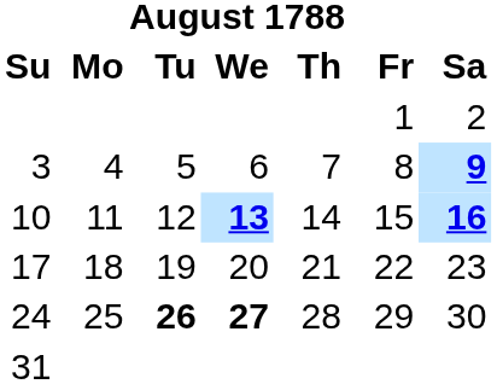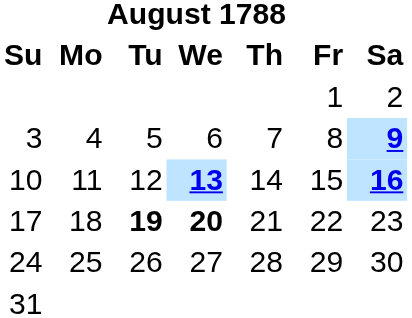 <table class="toccolours" style="text-align:right;float:left;width:14em;margin-right:1em;" cellpadding=2 cellspacing=0>
 <tr class="calendar-purple">
 <td></td>
 <th colspan="5" style="text-align: center;">August 1788</th>
 <td></td>
 </tr>
 <tr class="calendar-purple" style="border: none;">
 <th scope="col" width="14.2857%" title="Sunday">Su</th>
 <th scope="col" width="14.2857%" title="Monday">Mo</th>
 <th scope="col" width="14.2857%" title="Tuesday">Tu</th>
 <th scope="col" width="14.2857%" title="Wednesday">We</th>
 <th scope="col" width="14.2857%" title="Thursday">Th</th>
 <th scope="col" width="14.2857%" title="Friday">Fr</th>
 <th scope="col" width="14.2857%" title="Saturday">Sa</th>
 </tr>
 <tr>
 </tr>
 <tr>
 <td></td>
 <td></td>
 <td></td>
 <td></td>
 <td></td>
 <td>1</td>
 <td>2</td>
 </tr>
 <tr>
 <td>3</td>
 <td>4</td>
 <td>5</td>
 <td>6</td>
 <td>7</td>
 <td>8</td>
 <td style="background-color:#BFE4FF"><strong><a href='#'>9</a></strong></td>
 </tr>
 <tr>
 <td>10</td>
 <td>11</td>
 <td>12</td>
 <td style="background-color:#BFE4FF"><strong><a href='#'>13</a></strong></td>
 <td>14</td>
 <td>15</td>
 <td style="background-color:#BFE4FF"><strong><a href='#'>16</a></strong></td>
 </tr>
 <tr>
 <td>17</td>
 <td>18</td>
-<td>19</td>
-<td>20</td>
+<td><strong>19</strong></td>
+<td><strong>20</strong></td>
 <td>21</td>
 <td>22</td>
 <td>23</td>
 </tr>
 <tr>
 <td>24</td>
 <td>25</td>
-<td><strong>26</strong></td>
-<td><strong>27</strong></td>
+<td>26</td>
+<td>27</td>
 <td>28</td>
 <td>29</td>
 <td>30</td>
 </tr>
 <tr>
 <td>31</td>
 <td colspan=6> </td>
 </tr>
 <tr class="calendar-purple">
 </tr>
 <tr class="calendar-purple">
 </tr>
 </table>
